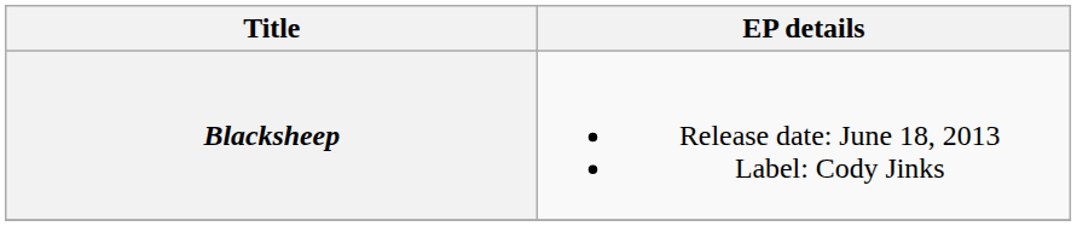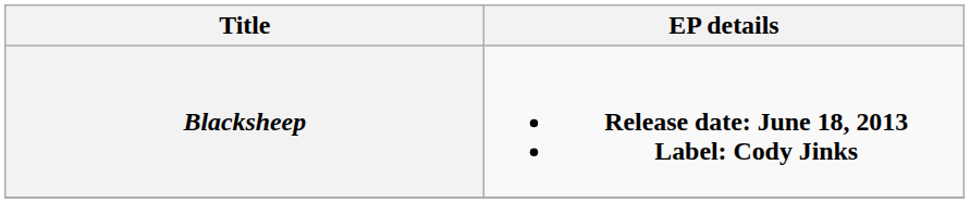 <table class="wikitable plainrowheaders" style="text-align:center;">
 <tr>
 <th style="width:18em;">Title</th>
 <th style="width:18em;">EP details</th>
 </tr>
 <tr>
 <th scope="row"><em>Blacksheep</em></th>
-<td><br><ul><li>Release date:  June 18, 2013</li><li>Label: Cody Jinks</li></ul></td>
+<td><strong><br><ul><li>Release date:  June 18, 2013</li><li>Label: Cody Jinks</li></ul></strong></td>
 </tr>
 <tr>
 </tr>
 </table>
